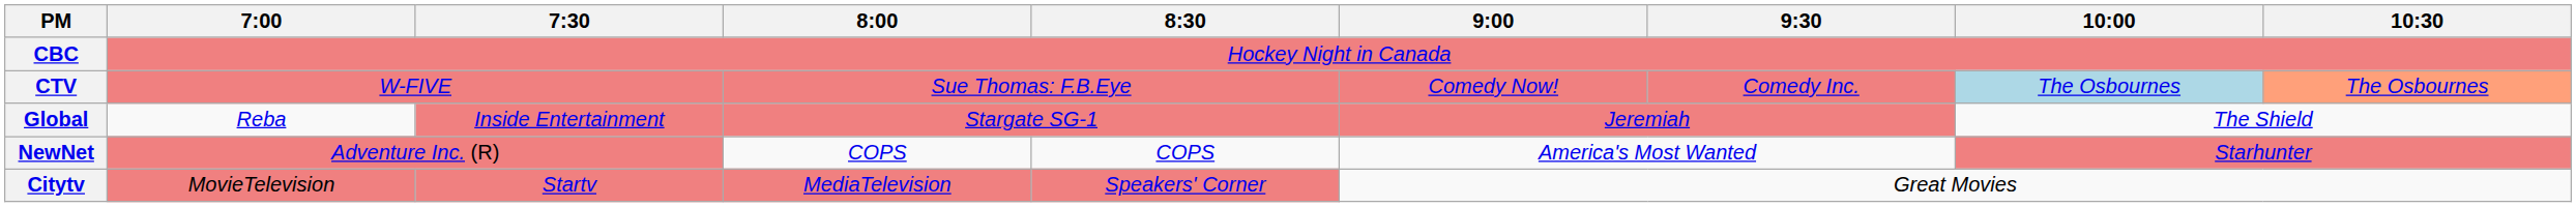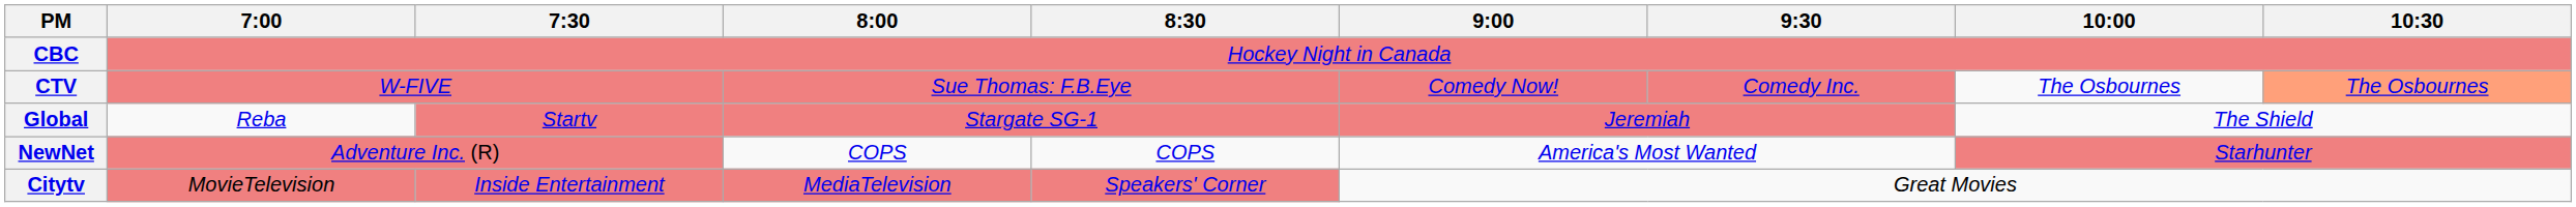 <table class="wikitable" width="100%">
 <tr>
 <th width="4%">PM</th>
 <th width="12%">7:00</th>
 <th width="12%">7:30</th>
 <th width="12%">8:00</th>
 <th width="12%">8:30</th>
 <th width="12%">9:00</th>
 <th width="12%">9:30</th>
 <th width="12%">10:00</th>
 <th width="12%">10:30</th>
 </tr>
 <tr align="center">
 <th><a href='#'>CBC</a></th>
 <td colspan="8" align=center bgcolor="#F08080"><em><a href='#'>Hockey Night in Canada</a></em></td>
 </tr>
 <tr align="center">
 <th><a href='#'>CTV</a></th>
 <td colspan="2" align=center bgcolor="#F08080"><em><a href='#'>W-FIVE</a></em></td>
 <td colspan="2" align=center bgcolor="#F08080"><em><a href='#'>Sue Thomas: F.B.Eye</a></em></td>
 <td colspan="1" align=center bgcolor="#F08080"><em><a href='#'>Comedy Now!</a></em></td>
 <td colspan="1" align=center bgcolor="#F08080"><em><a href='#'>Comedy Inc.</a></em></td>
-<td colspan="1" align=center style="background: lightblue;"><em><a href='#'>The Osbournes</a></em></td>
+<td colspan="1" align=center><em><a href='#'>The Osbournes</a></em></td>
 <td colspan="1" align=center style="background: lightsalmon;"><em><a href='#'>The Osbournes</a></em></td>
 </tr>
 <tr align="center">
 <th><a href='#'>Global</a></th>
 <td colspan="1" align=center><em><a href='#'>Reba</a></em></td>
-<td colspan="1" align=center bgcolor="#F08080"><em><a href='#'>Inside Entertainment</a></em></td>
+<td colspan="1" align=center bgcolor="#F08080"><em><a href='#'>Startv</a></em></td>
 <td colspan="2" align=center bgcolor="#F08080"><em><a href='#'>Stargate SG-1</a></em></td>
 <td colspan="2" align=center bgcolor="#F08080"><em><a href='#'>Jeremiah</a></em></td>
 <td colspan="2" align=center><em><a href='#'>The Shield</a></em></td>
 </tr>
 <tr align="center">
 <th><a href='#'>NewNet</a></th>
 <td colspan="2" align=center bgcolor="#F08080"><em><a href='#'>Adventure Inc.</a></em> (R)</td>
 <td colspan="1" align=center><em><a href='#'>COPS</a></em></td>
 <td colspan="1" align=center><em><a href='#'>COPS</a></em></td>
 <td colspan="2" align=center><em><a href='#'>America's Most Wanted</a></em></td>
 <td colspan="2" align=center bgcolor="#F08080"><em><a href='#'>Starhunter</a></em></td>
 </tr>
 <tr align="center">
 <th><a href='#'>Citytv</a></th>
 <td colspan="1" align=center bgcolor="#F08080"><em>MovieTelevision</em></td>
-<td colspan="1" align=center bgcolor="#F08080"><em><a href='#'>Startv</a></em></td>
+<td colspan="1" align=center bgcolor="#F08080"><em><a href='#'>Inside Entertainment</a></em></td>
 <td colspan="1" align=center bgcolor="#F08080"><em><a href='#'>MediaTelevision</a></em></td>
 <td colspan="1" align=center bgcolor="#F08080"><em><a href='#'>Speakers' Corner</a></em></td>
 <td colspan="4" align=center><em>Great Movies</em></td>
 </tr>
 </table>
